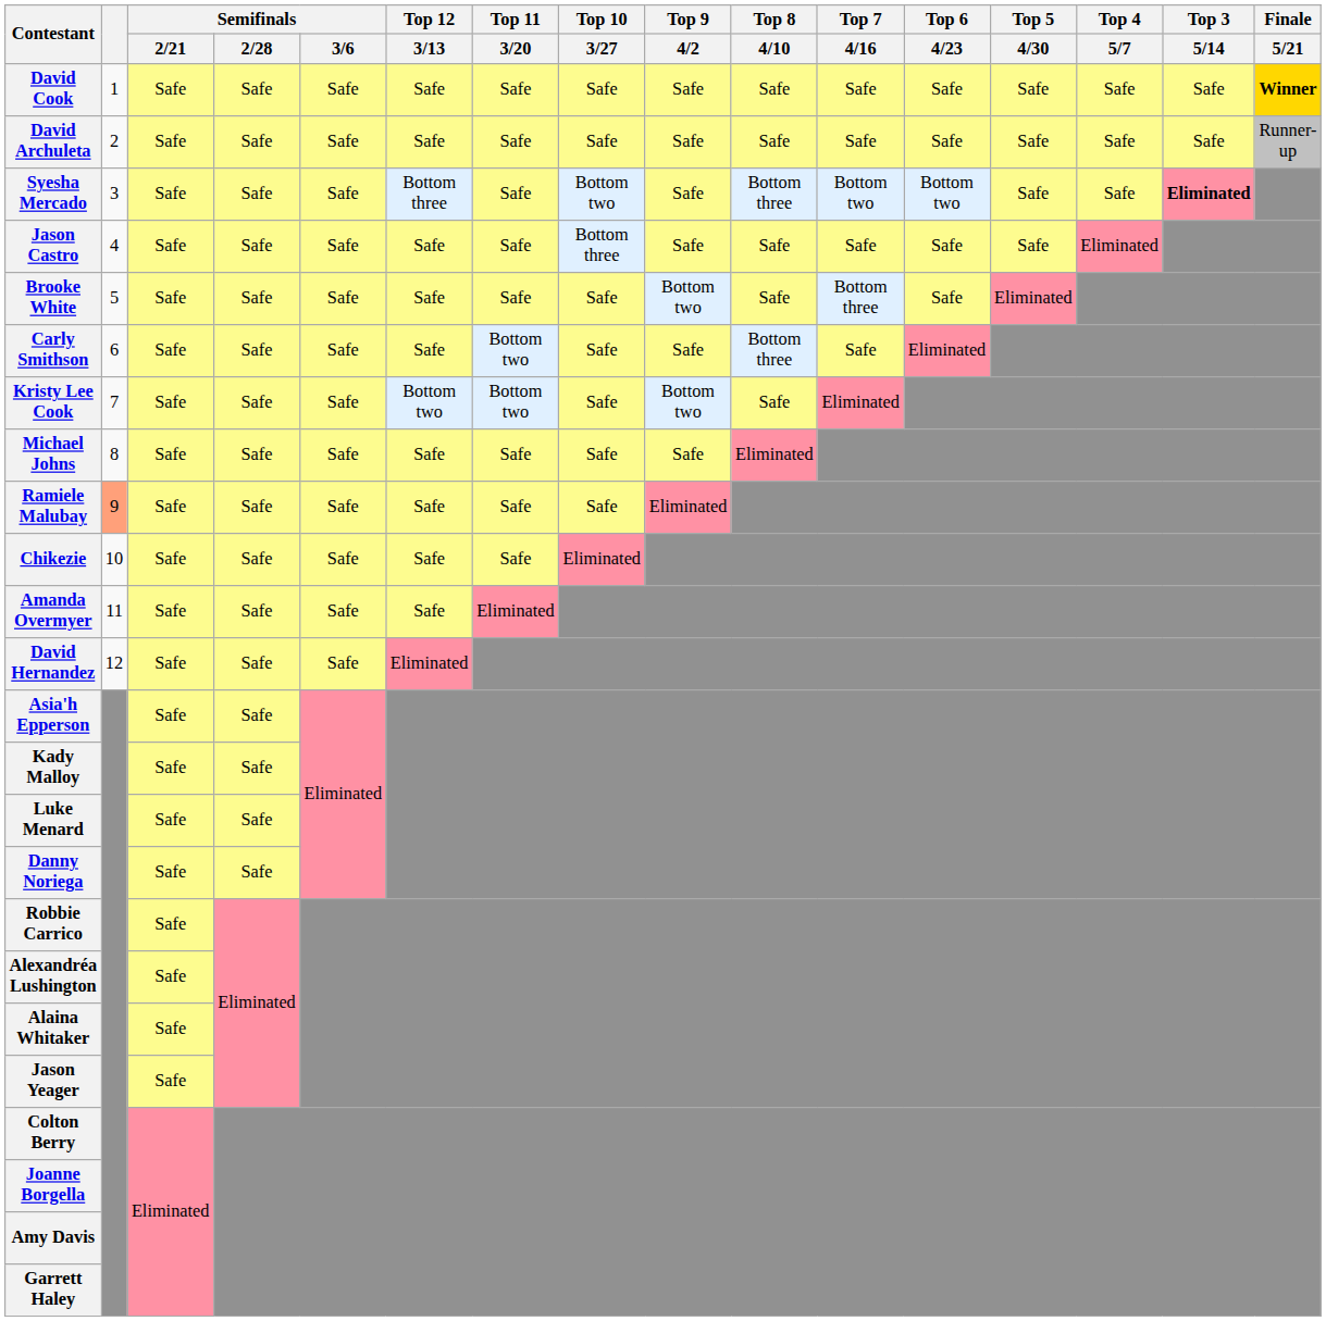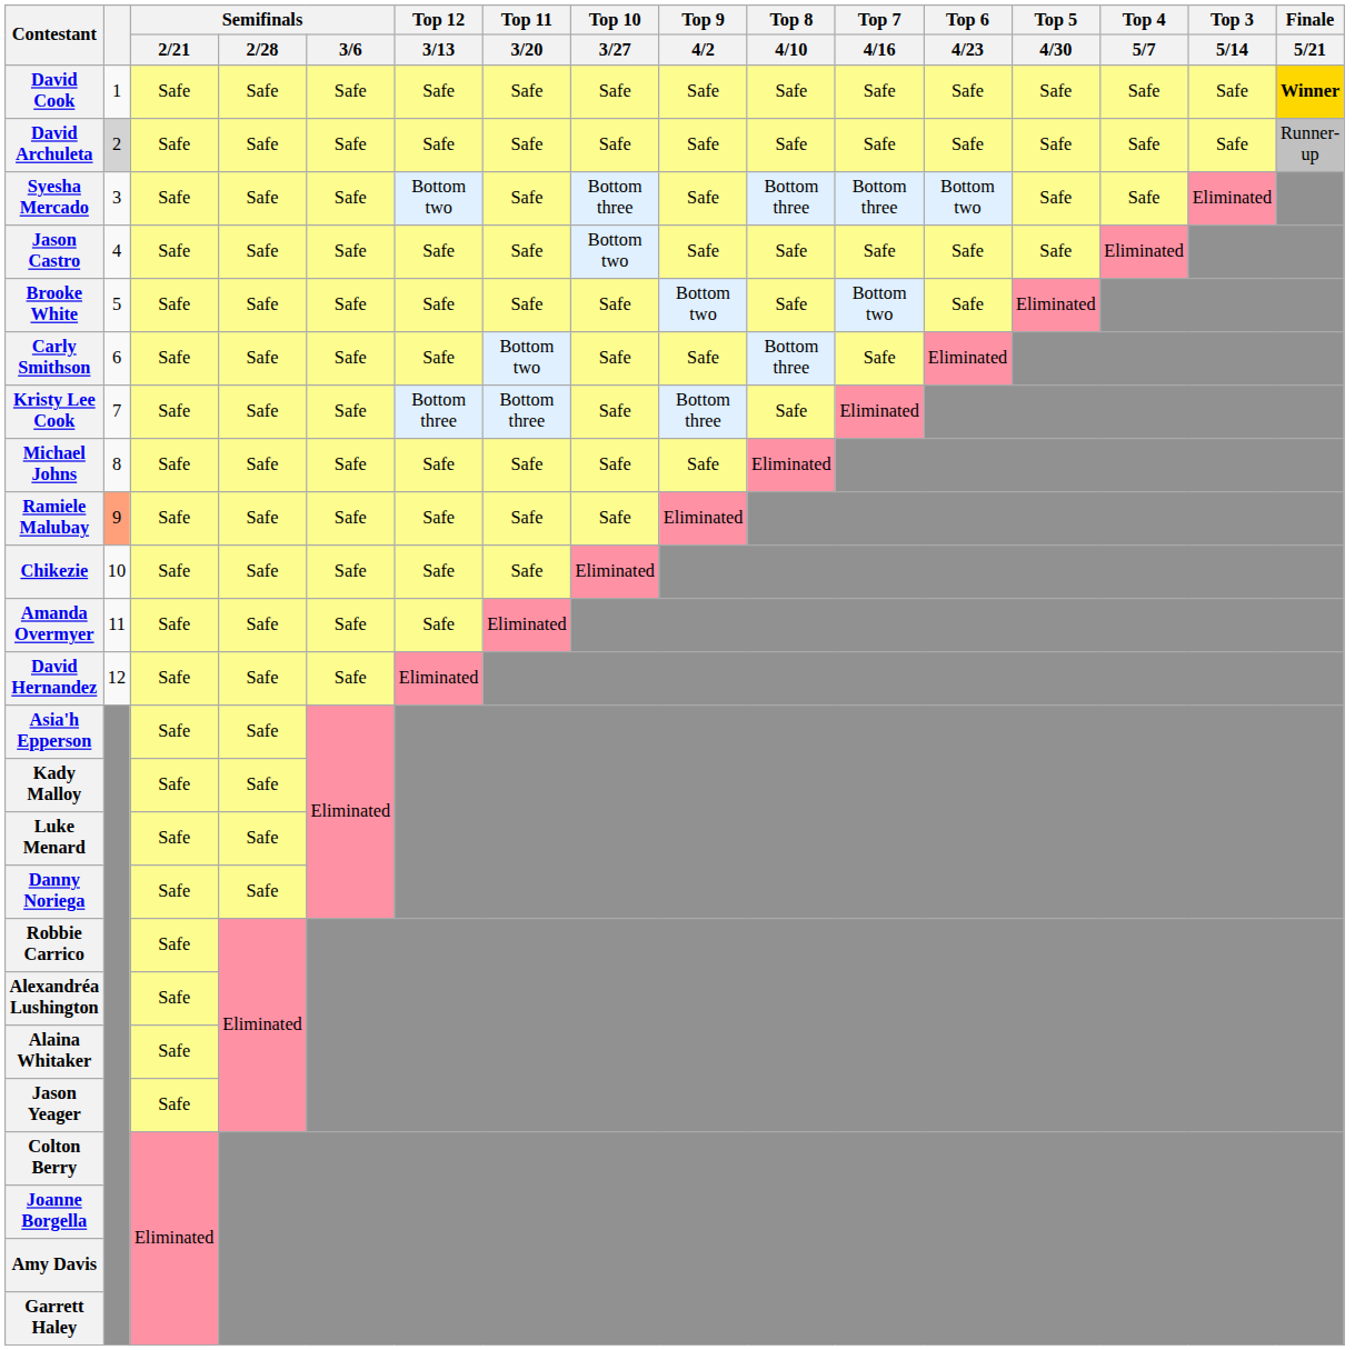 <table class="wikitable" style="text-align:center; font-size:85%;">
 <tr>
 <th scope="col" rowspan="2">Contestant</th>
 <th scope="col" rowspan="2"></th>
 <th scope="col" colspan=3 style="width:24%;">Semifinals</th>
 <th scope="col" style="width:7%;">Top 12</th>
 <th scope="col" style="width:7%;">Top 11</th>
 <th scope="col" style="width:7%;">Top 10</th>
 <th scope="col" style="width:7%;">Top 9</th>
 <th scope="col" style="width:7%;">Top 8</th>
 <th scope="col" style="width:7%;">Top 7</th>
 <th scope="col" style="width:7%;">Top 6</th>
 <th scope="col" style="width:7%;">Top 5</th>
 <th scope="col" style="width:7%;">Top 4</th>
 <th scope="col" style="width:7%;">Top 3</th>
 <th scope="col" style="width:7%;">Finale</th>
 </tr>
 <tr>
 <th>2/21</th>
 <th>2/28</th>
 <th>3/6</th>
 <th>3/13</th>
 <th>3/20</th>
 <th>3/27</th>
 <th>4/2</th>
 <th>4/10</th>
 <th>4/16</th>
 <th>4/23</th>
 <th>4/30</th>
 <th>5/7</th>
 <th>5/14</th>
 <th>5/21</th>
 </tr>
 <tr style="height:40px">
 <th scope="row"><a href='#'>David Cook</a></th>
 <td>1</td>
 <td style="background:#FDFC8F;">Safe</td>
 <td style="background:#FDFC8F;">Safe</td>
 <td style="background:#FDFC8F;">Safe</td>
 <td style="background:#FDFC8F;">Safe</td>
 <td style="background:#FDFC8F;">Safe</td>
 <td style="background:#FDFC8F;">Safe</td>
 <td style="background:#FDFC8F;">Safe</td>
 <td style="background:#FDFC8F;">Safe</td>
 <td style="background:#FDFC8F;">Safe</td>
 <td style="background:#FDFC8F;">Safe</td>
 <td style="background:#FDFC8F;">Safe</td>
 <td style="background:#FDFC8F;">Safe</td>
 <td style="background:#FDFC8F;">Safe</td>
 <td style="background:gold;"><strong>Winner</strong></td>
 </tr>
 <tr style="height:40px">
 <th scope="row"><a href='#'>David Archuleta</a></th>
-<td>2</td>
+<td style="background: lightgrey;">2</td>
 <td style="background:#FDFC8F;">Safe</td>
 <td style="background:#FDFC8F;">Safe</td>
 <td style="background:#FDFC8F;">Safe</td>
 <td style="background:#FDFC8F;">Safe</td>
 <td style="background:#FDFC8F;">Safe</td>
 <td style="background:#FDFC8F;">Safe</td>
 <td style="background:#FDFC8F;">Safe</td>
 <td style="background:#FDFC8F;">Safe</td>
 <td style="background:#FDFC8F;">Safe</td>
 <td style="background:#FDFC8F;">Safe</td>
 <td style="background:#FDFC8F;">Safe</td>
 <td style="background:#FDFC8F;">Safe</td>
 <td style="background:#FDFC8F;">Safe</td>
 <td style="background:silver;">Runner-up</td>
 </tr>
 <tr style="height:40px">
 <th scope="row"><a href='#'>Syesha Mercado</a></th>
 <td>3</td>
 <td style="background:#FDFC8F;">Safe</td>
 <td style="background:#FDFC8F;">Safe</td>
 <td style="background:#FDFC8F;">Safe</td>
-<td style="background:#e0f0ff;">Bottom three</td>
-<td style="background:#FDFC8F;">Safe</td>
 <td style="background:#e0f0ff;">Bottom two</td>
 <td style="background:#FDFC8F;">Safe</td>
 <td style="background:#e0f0ff;">Bottom three</td>
-<td style="background:#e0f0ff;">Bottom two</td>
+<td style="background:#FDFC8F;">Safe</td>
+<td style="background:#e0f0ff;">Bottom three</td>
+<td style="background:#e0f0ff;">Bottom three</td>
 <td style="background:#e0f0ff;">Bottom two</td>
 <td style="background:#FDFC8F;">Safe</td>
 <td style="background:#FDFC8F;">Safe</td>
-<td style="background:#FF91A4"><strong>Eliminated</strong></td>
+<td style="background:#FF91A4">Eliminated</td>
 <td style="background:#919191"></td>
 </tr>
 <tr style="height:40px">
 <th scope="row"><a href='#'>Jason Castro</a></th>
 <td>4</td>
 <td style="background:#FDFC8F;">Safe</td>
 <td style="background:#FDFC8F;">Safe</td>
 <td style="background:#FDFC8F;">Safe</td>
 <td style="background:#FDFC8F;">Safe</td>
 <td style="background:#FDFC8F;">Safe</td>
-<td style="background:#e0f0ff;">Bottom three</td>
+<td style="background:#e0f0ff;">Bottom two</td>
 <td style="background:#FDFC8F;">Safe</td>
 <td style="background:#FDFC8F;">Safe</td>
 <td style="background:#FDFC8F;">Safe</td>
 <td style="background:#FDFC8F;">Safe</td>
 <td style="background:#FDFC8F;">Safe</td>
 <td style="background:#FF91A4">Eliminated</td>
 <td colspan=2 style="background:#919191"></td>
 </tr>
 <tr style="height:40px">
 <th scope="row"><a href='#'>Brooke White</a></th>
 <td>5</td>
 <td style="background:#FDFC8F;">Safe</td>
 <td style="background:#FDFC8F;">Safe</td>
 <td style="background:#FDFC8F;">Safe</td>
 <td style="background:#FDFC8F;">Safe</td>
 <td style="background:#FDFC8F;">Safe</td>
 <td style="background:#FDFC8F;">Safe</td>
 <td style="background:#e0f0ff;">Bottom two</td>
 <td style="background:#FDFC8F;">Safe</td>
-<td style="background:#e0f0ff;">Bottom three</td>
+<td style="background:#e0f0ff;">Bottom two</td>
 <td style="background:#FDFC8F;">Safe</td>
 <td style="background:#FF91A4">Eliminated</td>
 <td colspan=3 style="background:#919191"></td>
 </tr>
 <tr style="height:40px">
 <th scope="row"><a href='#'>Carly Smithson</a></th>
 <td>6</td>
 <td style="background:#FDFC8F;">Safe</td>
 <td style="background:#FDFC8F;">Safe</td>
 <td style="background:#FDFC8F;">Safe</td>
 <td style="background:#FDFC8F;">Safe</td>
 <td style="background:#e0f0ff;">Bottom two</td>
 <td style="background:#FDFC8F;">Safe</td>
 <td style="background:#FDFC8F;">Safe</td>
 <td style="background:#e0f0ff;">Bottom three</td>
 <td style="background:#FDFC8F;">Safe</td>
 <td style="background:#FF91A4">Eliminated</td>
 <td colspan=4 style="background:#919191"></td>
 </tr>
 <tr style="height:40px">
 <th scope="row"><a href='#'>Kristy Lee Cook</a></th>
 <td>7</td>
 <td style="background:#FDFC8F;">Safe</td>
 <td style="background:#FDFC8F;">Safe</td>
 <td style="background:#FDFC8F;">Safe</td>
-<td style="background:#e0f0ff;">Bottom two</td>
-<td style="background:#e0f0ff;">Bottom two</td>
+<td style="background:#e0f0ff;">Bottom three</td>
+<td style="background:#e0f0ff;">Bottom three</td>
 <td style="background:#FDFC8F;">Safe</td>
-<td style="background:#e0f0ff;">Bottom two</td>
+<td style="background:#e0f0ff;">Bottom three</td>
 <td style="background:#FDFC8F;">Safe</td>
 <td style="background:#FF91A4">Eliminated</td>
 <td colspan=5 style="background:#919191"></td>
 </tr>
 <tr style="height:40px">
 <th scope="row"><a href='#'>Michael Johns</a></th>
 <td>8</td>
 <td style="background:#FDFC8F;">Safe</td>
 <td style="background:#FDFC8F;">Safe</td>
 <td style="background:#FDFC8F;">Safe</td>
 <td style="background:#FDFC8F;">Safe</td>
 <td style="background:#FDFC8F;">Safe</td>
 <td style="background:#FDFC8F;">Safe</td>
 <td style="background:#FDFC8F;">Safe</td>
 <td style="background:#FF91A4">Eliminated</td>
 <td colspan=6 style="background:#919191"></td>
 </tr>
 <tr style="height:40px">
 <th scope="row"><a href='#'>Ramiele Malubay</a></th>
 <td style="background: lightsalmon;">9</td>
 <td style="background:#FDFC8F;">Safe</td>
 <td style="background:#FDFC8F;">Safe</td>
 <td style="background:#FDFC8F;">Safe</td>
 <td style="background:#FDFC8F;">Safe</td>
 <td style="background:#FDFC8F;">Safe</td>
 <td style="background:#FDFC8F;">Safe</td>
 <td style="background:#FF91A4">Eliminated</td>
 <td colspan=7 style="background:#919191"></td>
 </tr>
 <tr style="height:40px">
 <th scope="row"><a href='#'>Chikezie</a></th>
 <td>10</td>
 <td style="background:#FDFC8F;">Safe</td>
 <td style="background:#FDFC8F;">Safe</td>
 <td style="background:#FDFC8F;">Safe</td>
 <td style="background:#FDFC8F;">Safe</td>
 <td style="background:#FDFC8F;">Safe</td>
 <td style="background:#FF91A4">Eliminated</td>
 <td colspan=8 style="background:#919191"></td>
 </tr>
 <tr style="height:40px">
 <th scope="row"><a href='#'>Amanda Overmyer</a></th>
 <td>11</td>
 <td style="background:#FDFC8F;">Safe</td>
 <td style="background:#FDFC8F;">Safe</td>
 <td style="background:#FDFC8F;">Safe</td>
 <td style="background:#FDFC8F;">Safe</td>
 <td style="background:#FF91A4">Eliminated</td>
 <td colspan=9 style="background:#919191"></td>
 </tr>
 <tr style="height:40px">
 <th scope="row"><a href='#'>David Hernandez</a></th>
 <td>12</td>
 <td style="background:#FDFC8F;">Safe</td>
 <td style="background:#FDFC8F;">Safe</td>
 <td style="background:#FDFC8F;">Safe</td>
 <td style="background:#FF91A4">Eliminated</td>
 <td colspan=10 style="background:#919191"></td>
 </tr>
 <tr style="height:40px">
 <th scope="row"><a href='#'>Asia'h Epperson</a></th>
 <td rowspan="12" bgcolor="919191"></td>
 <td style="background:#FDFC8F;">Safe</td>
 <td style="background:#FDFC8F;">Safe</td>
 <td rowspan=4 style="background:#FF91A4">Eliminated</td>
 <td rowspan=4 colspan=11 style="background:#919191"></td>
 </tr>
 <tr style="height:40px">
 <th scope="row">Kady Malloy</th>
 <td style="background:#FDFC8F;">Safe</td>
 <td style="background:#FDFC8F;">Safe</td>
 </tr>
 <tr style="height:40px">
 <th scope="row">Luke Menard</th>
 <td style="background:#FDFC8F;">Safe</td>
 <td style="background:#FDFC8F;">Safe</td>
 </tr>
 <tr style="height:40px">
 <th scope="row"><a href='#'>Danny Noriega</a></th>
 <td style="background:#FDFC8F;">Safe</td>
 <td style="background:#FDFC8F;">Safe</td>
 </tr>
 <tr style="height:40px">
 <th scope="row">Robbie Carrico</th>
 <td style="background:#FDFC8F;">Safe</td>
 <td rowspan=4 style="background:#FF91A4">Eliminated</td>
 <td rowspan=4 colspan=12 style="background:#919191"></td>
 </tr>
 <tr style="height:40px">
 <th scope="row">Alexandréa Lushington</th>
 <td style="background:#FDFC8F;">Safe</td>
 </tr>
 <tr style="height:40px">
 <th scope="row">Alaina Whitaker</th>
 <td style="background:#FDFC8F;">Safe</td>
 </tr>
 <tr style="height:40px">
 <th scope="row">Jason Yeager</th>
 <td style="background:#FDFC8F;">Safe</td>
 </tr>
 <tr style="height:40px">
 <th scope="row">Colton Berry</th>
 <td rowspan=4 style="background:#FF91A4">Eliminated</td>
 <td rowspan=4 colspan=13 style="background:#919191"></td>
 </tr>
 <tr style="height:40px">
 <th scope="row"><a href='#'>Joanne Borgella</a></th>
 </tr>
 <tr style="height:40px">
 <th scope="row">Amy Davis</th>
 </tr>
 <tr style="height:40px">
 <th scope="row">Garrett Haley</th>
 </tr>
 </table>
